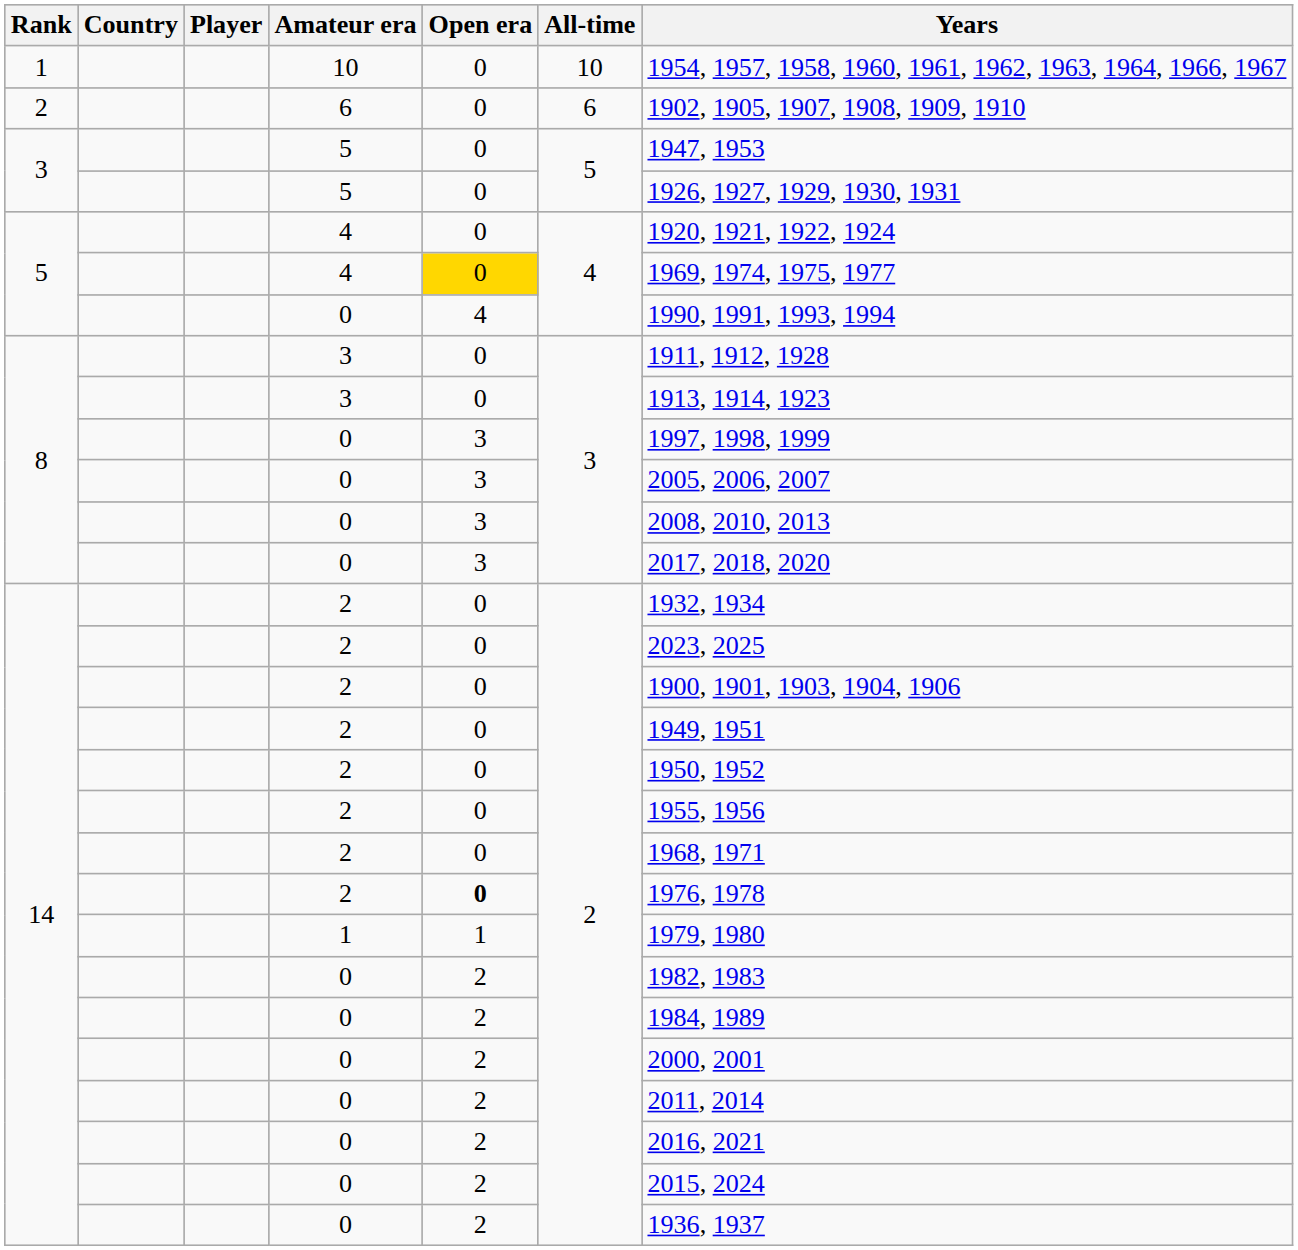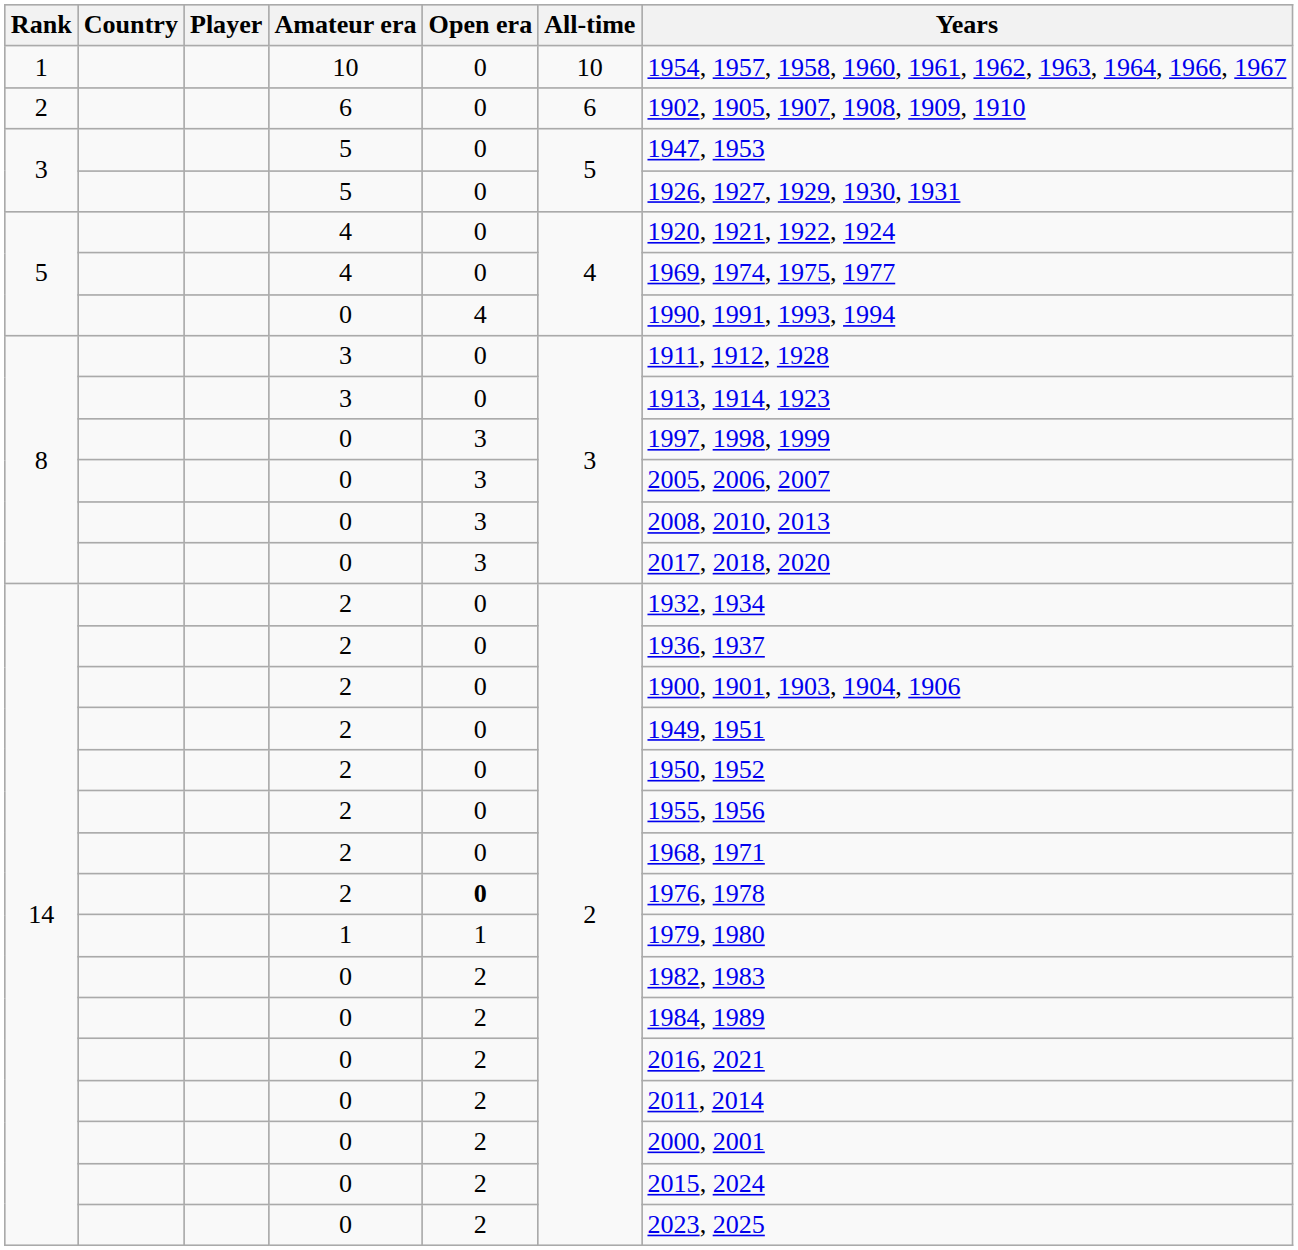 <table class="wikitable sortable">
 <tr>
 <th>Rank</th>
 <th>Country</th>
 <th>Player</th>
 <th>Amateur era</th>
 <th>Open era</th>
 <th>All-time</th>
 <th class="unsortable">Years</th>
 </tr>
 <tr>
 <td align=center>1</td>
 <td></td>
 <td></td>
 <td align=center>10</td>
 <td align=center>0</td>
 <td align=center>10</td>
 <td><a href='#'>1954</a>, <a href='#'>1957</a>, <a href='#'>1958</a>, <a href='#'>1960</a>, <a href='#'>1961</a>, <a href='#'>1962</a>, <a href='#'>1963</a>, <a href='#'>1964</a>, <a href='#'>1966</a>, <a href='#'>1967</a></td>
 </tr>
 <tr>
 <td align=center>2</td>
 <td></td>
 <td></td>
 <td align=center>6</td>
 <td align=center>0</td>
 <td align=center>6</td>
 <td><a href='#'>1902</a>, <a href='#'>1905</a>, <a href='#'>1907</a>, <a href='#'>1908</a>, <a href='#'>1909</a>, <a href='#'>1910</a></td>
 </tr>
 <tr>
 <td rowspan=2 align=center>3</td>
 <td></td>
 <td></td>
 <td align=center>5</td>
 <td align=center>0</td>
 <td rowspan=2 align=center>5</td>
 <td><a href='#'>1947</a>, <a href='#'>1953</a></td>
 </tr>
 <tr>
 <td></td>
 <td></td>
 <td align=center>5</td>
 <td align=center>0</td>
 <td><a href='#'>1926</a>, <a href='#'>1927</a>, <a href='#'>1929</a>, <a href='#'>1930</a>, <a href='#'>1931</a></td>
 </tr>
 <tr>
 <td rowspan=3 align=center>5</td>
 <td></td>
 <td></td>
 <td align=center>4</td>
 <td align=center>0</td>
 <td rowspan=3 align=center>4</td>
 <td><a href='#'>1920</a>, <a href='#'>1921</a>, <a href='#'>1922</a>, <a href='#'>1924</a></td>
 </tr>
 <tr>
 <td></td>
 <td></td>
 <td align=center>4</td>
-<td align=center style="background: gold;">0</td>
+<td align=center>0</td>
 <td><a href='#'>1969</a>, <a href='#'>1974</a>, <a href='#'>1975</a>, <a href='#'>1977</a></td>
 </tr>
 <tr>
 <td></td>
 <td></td>
 <td align=center>0</td>
 <td align=center>4</td>
 <td><a href='#'>1990</a>, <a href='#'>1991</a>, <a href='#'>1993</a>, <a href='#'>1994</a></td>
 </tr>
 <tr>
 <td rowspan=6 align=center>8</td>
 <td></td>
 <td></td>
 <td align=center>3</td>
 <td align=center>0</td>
 <td rowspan=6 align=center>3</td>
 <td><a href='#'>1911</a>, <a href='#'>1912</a>, <a href='#'>1928</a></td>
 </tr>
 <tr>
 <td></td>
 <td></td>
 <td align=center>3</td>
 <td align=center>0</td>
 <td><a href='#'>1913</a>, <a href='#'>1914</a>, <a href='#'>1923</a></td>
 </tr>
 <tr>
 <td></td>
 <td></td>
 <td align=center>0</td>
 <td align=center>3</td>
 <td><a href='#'>1997</a>, <a href='#'>1998</a>, <a href='#'>1999</a></td>
 </tr>
 <tr>
 <td></td>
 <td></td>
 <td align=center>0</td>
 <td align=center>3</td>
 <td><a href='#'>2005</a>, <a href='#'>2006</a>, <a href='#'>2007</a></td>
 </tr>
 <tr>
 <td></td>
 <td></td>
 <td align=center>0</td>
 <td align=center>3</td>
 <td><a href='#'>2008</a>, <a href='#'>2010</a>, <a href='#'>2013</a></td>
 </tr>
 <tr>
 <td></td>
 <td><strong></strong></td>
 <td align=center>0</td>
 <td align=center>3</td>
 <td><a href='#'>2017</a>, <a href='#'>2018</a>, <a href='#'>2020</a></td>
 </tr>
 <tr>
 <td rowspan=16 align=center>14</td>
 <td></td>
 <td></td>
 <td align=center>2</td>
 <td align=center>0</td>
 <td rowspan=16 align=center>2</td>
 <td><a href='#'>1932</a>, <a href='#'>1934</a></td>
 </tr>
 <tr>
 <td></td>
 <td></td>
 <td align=center>2</td>
 <td align=center>0</td>
-<td><a href='#'>2023</a>, <a href='#'>2025</a></td>
+<td><a href='#'>1936</a>, <a href='#'>1937</a></td>
 </tr>
 <tr>
 <td></td>
 <td></td>
 <td align=center>2</td>
 <td align=center>0</td>
 <td><a href='#'>1900</a>, <a href='#'>1901</a>, <a href='#'>1903</a>, <a href='#'>1904</a>, <a href='#'>1906</a></td>
 </tr>
 <tr>
 <td></td>
 <td></td>
 <td align=center>2</td>
 <td align=center>0</td>
 <td><a href='#'>1949</a>, <a href='#'>1951</a></td>
 </tr>
 <tr>
 <td></td>
 <td></td>
 <td align=center>2</td>
 <td align=center>0</td>
 <td><a href='#'>1950</a>, <a href='#'>1952</a></td>
 </tr>
 <tr>
 <td></td>
 <td></td>
 <td align=center>2</td>
 <td align=center>0</td>
 <td><a href='#'>1955</a>, <a href='#'>1956</a></td>
 </tr>
 <tr>
 <td></td>
 <td></td>
 <td align=center>2</td>
 <td align=center>0</td>
 <td><a href='#'>1968</a>, <a href='#'>1971</a></td>
 </tr>
 <tr>
 <td></td>
 <td></td>
 <td align=center>2</td>
 <td align=center><strong>0</strong></td>
 <td><a href='#'>1976</a>, <a href='#'>1978</a></td>
 </tr>
 <tr>
 <td></td>
 <td></td>
 <td align=center>1</td>
 <td align=center>1</td>
 <td><a href='#'>1979</a>, <a href='#'>1980</a></td>
 </tr>
 <tr>
 <td></td>
 <td></td>
 <td align=center>0</td>
 <td align=center>2</td>
 <td><a href='#'>1982</a>, <a href='#'>1983</a></td>
 </tr>
 <tr>
 <td></td>
 <td></td>
 <td align=center>0</td>
 <td align=center>2</td>
 <td><a href='#'>1984</a>, <a href='#'>1989</a></td>
 </tr>
 <tr>
 <td></td>
 <td></td>
 <td align=center>0</td>
 <td align=center>2</td>
-<td><a href='#'>2000</a>, <a href='#'>2001</a></td>
+<td><a href='#'>2016</a>, <a href='#'>2021</a></td>
 </tr>
 <tr>
 <td></td>
 <td></td>
 <td align=center>0</td>
 <td align=center>2</td>
 <td><a href='#'>2011</a>, <a href='#'>2014</a></td>
 </tr>
 <tr>
 <td></td>
 <td><strong></strong></td>
 <td align=center>0</td>
 <td align=center>2</td>
-<td><a href='#'>2016</a>, <a href='#'>2021</a></td>
+<td><a href='#'>2000</a>, <a href='#'>2001</a></td>
 </tr>
 <tr>
 <td></td>
 <td><strong></strong></td>
 <td align=center>0</td>
 <td align=center>2</td>
 <td><a href='#'>2015</a>, <a href='#'>2024</a></td>
 </tr>
 <tr>
 <td></td>
 <td><strong></strong></td>
 <td align=center>0</td>
 <td align=center>2</td>
-<td><a href='#'>1936</a>, <a href='#'>1937</a></td>
+<td><a href='#'>2023</a>, <a href='#'>2025</a></td>
 </tr>
 </table>
